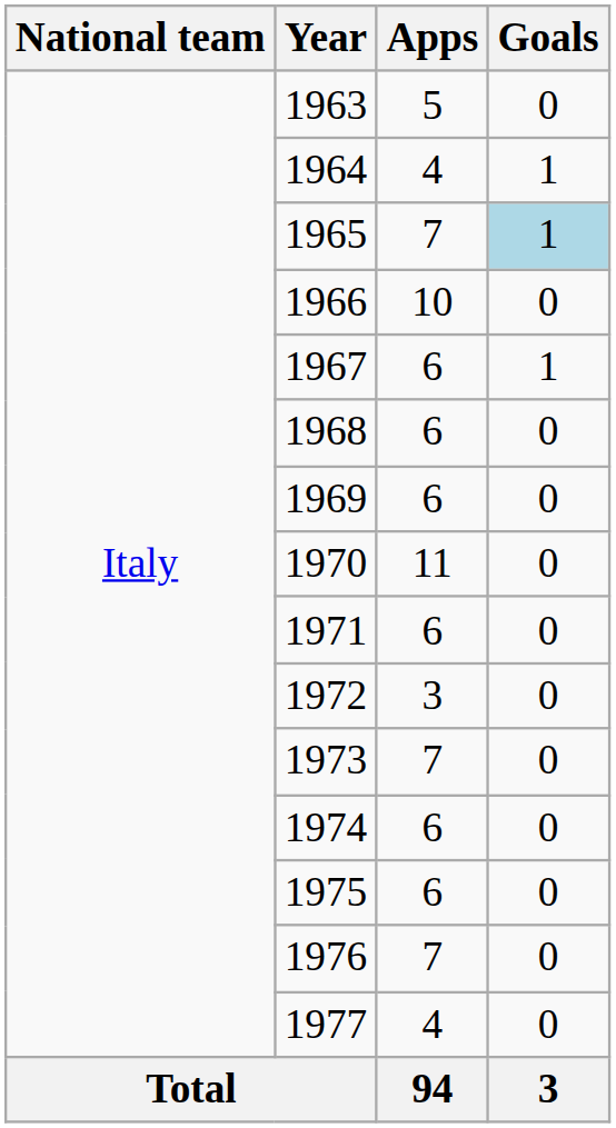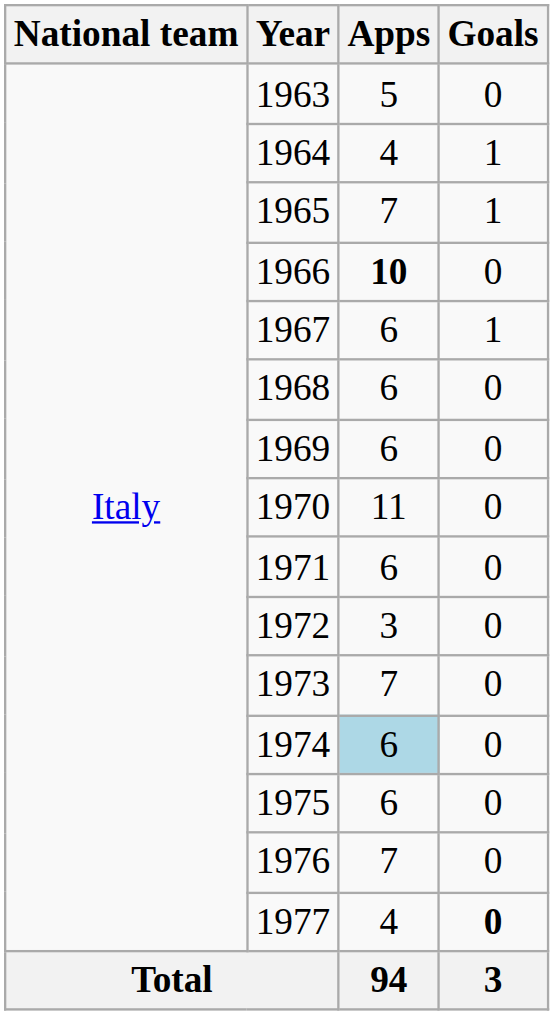 <table class="wikitable" style="text-align:center">
 <tr>
 <th>National team</th>
 <th>Year</th>
 <th>Apps</th>
 <th>Goals</th>
 </tr>
 <tr>
 <td rowspan="15"><a href='#'>Italy</a></td>
 <td>1963</td>
 <td>5</td>
 <td>0</td>
 </tr>
 <tr>
 <td>1964</td>
 <td>4</td>
 <td>1</td>
 </tr>
 <tr>
 <td>1965</td>
 <td>7</td>
-<td style="background: lightblue;">1</td>
+<td>1</td>
 </tr>
 <tr>
 <td>1966</td>
-<td>10</td>
+<td><strong>10</strong></td>
 <td>0</td>
 </tr>
 <tr>
 <td>1967</td>
 <td>6</td>
 <td>1</td>
 </tr>
 <tr>
 <td>1968</td>
 <td>6</td>
 <td>0</td>
 </tr>
 <tr>
 <td>1969</td>
 <td>6</td>
 <td>0</td>
 </tr>
 <tr>
 <td>1970</td>
 <td>11</td>
 <td>0</td>
 </tr>
 <tr>
 <td>1971</td>
 <td>6</td>
 <td>0</td>
 </tr>
 <tr>
 <td>1972</td>
 <td>3</td>
 <td>0</td>
 </tr>
 <tr>
 <td>1973</td>
 <td>7</td>
 <td>0</td>
 </tr>
 <tr>
 <td>1974</td>
-<td>6</td>
+<td style="background: lightblue;">6</td>
 <td>0</td>
 </tr>
 <tr>
 <td>1975</td>
 <td>6</td>
 <td>0</td>
 </tr>
 <tr>
 <td>1976</td>
 <td>7</td>
 <td>0</td>
 </tr>
 <tr>
 <td>1977</td>
 <td>4</td>
-<td>0</td>
+<td><strong>0</strong></td>
 </tr>
 <tr>
 <th colspan="2">Total</th>
 <th>94</th>
 <th>3</th>
 </tr>
 </table>
